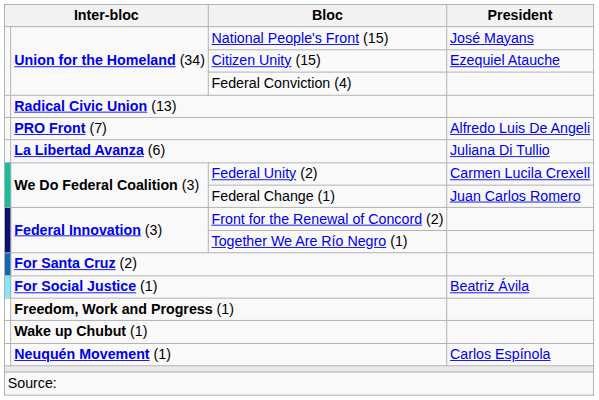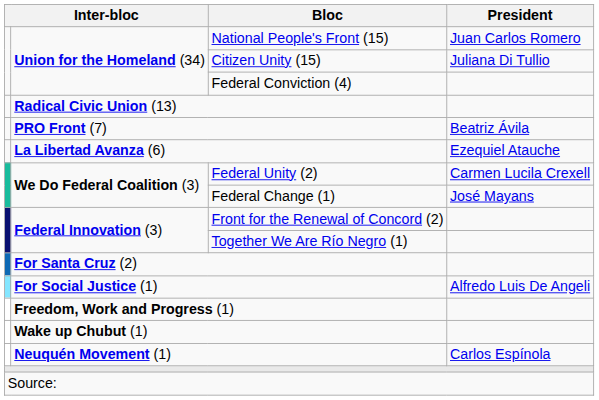 <table class="wikitable">
 <tr>
 <th colspan="2">Inter-bloc</th>
 <th>Bloc</th>
 <th>President</th>
 </tr>
 <tr>
 <td rowspan="3" style="background-color: "></td>
 <td rowspan="3"><strong><a href='#'>Union for the Homeland</a></strong> (34)</td>
 <td><a href='#'>National People's Front</a> (15)</td>
-<td><a href='#'>José Mayans</a></td>
+<td><a href='#'>Juan Carlos Romero</a></td>
 </tr>
 <tr>
 <td><a href='#'>Citizen Unity</a> (15)</td>
-<td><a href='#'>Ezequiel Atauche</a></td>
+<td><a href='#'>Juliana Di Tullio</a></td>
 </tr>
 <tr>
 <td>Federal Conviction (4)</td>
 <td></td>
 </tr>
 <tr>
 <td style="background-color:"></td>
 <td colspan="2"><strong><a href='#'>Radical Civic Union</a></strong> (13)</td>
 <td></td>
 </tr>
 <tr>
 <td style="background-color:"></td>
 <td colspan="2"><strong><a href='#'>PRO Front</a></strong> (7)</td>
-<td><a href='#'>Alfredo Luis De Angeli</a></td>
+<td><a href='#'>Beatriz Ávila</a></td>
 </tr>
 <tr>
 <td style="background-color:"></td>
 <td colspan="2"><strong><a href='#'>La Libertad Avanza</a></strong> (6)</td>
-<td><a href='#'>Juliana Di Tullio</a></td>
+<td><a href='#'>Ezequiel Atauche</a></td>
 </tr>
 <tr>
 <td rowspan="2" style="background-color:#19bc9d"></td>
 <td rowspan="2"><strong>We Do Federal Coalition</strong> (3)</td>
 <td><a href='#'>Federal Unity</a> (2)</td>
 <td><a href='#'>Carmen Lucila Crexell</a></td>
 </tr>
 <tr>
 <td>Federal Change (1)</td>
-<td><a href='#'>Juan Carlos Romero</a></td>
+<td><a href='#'>José Mayans</a></td>
 </tr>
 <tr>
 <td rowspan="2" style="background-color:#0a1172"></td>
 <td rowspan="2"><strong><a href='#'>Federal Innovation</a></strong> (3)</td>
 <td><a href='#'>Front for the Renewal of Concord</a> (2)</td>
 <td></td>
 </tr>
 <tr>
 <td><a href='#'>Together We Are Río Negro</a> (1)</td>
 <td></td>
 </tr>
 <tr>
 <td style="background-color:#0d69b4"></td>
 <td colspan="2"><strong><a href='#'>For Santa Cruz</a></strong> (2)</td>
 <td></td>
 </tr>
 <tr>
 <td style="background-color:#84e6ff"></td>
 <td colspan="2"><strong><a href='#'>For Social Justice</a></strong> (1)</td>
-<td><a href='#'>Beatriz Ávila</a></td>
+<td><a href='#'>Alfredo Luis De Angeli</a></td>
 </tr>
 <tr>
 <td style="background-color:#FFFFFF"></td>
 <td colspan="2"><strong>Freedom, Work and Progress</strong> (1)</td>
 <td></td>
 </tr>
 <tr>
 <td style="background-color:#FFFFFF"></td>
 <td colspan="2"><strong>Wake up Chubut</strong> (1)</td>
 <td></td>
 </tr>
 <tr>
 <td style="background-color:#FFFFFF"></td>
 <td colspan="2"><strong><a href='#'>Neuquén Movement</a></strong> (1)</td>
 <td><a href='#'>Carlos Espínola</a></td>
 </tr>
 <tr>
 <td colspan="4" bgcolor="#E9E9E9"></td>
 </tr>
 <tr>
 <td colspan="4">Source:  </td>
 </tr>
 </table>
